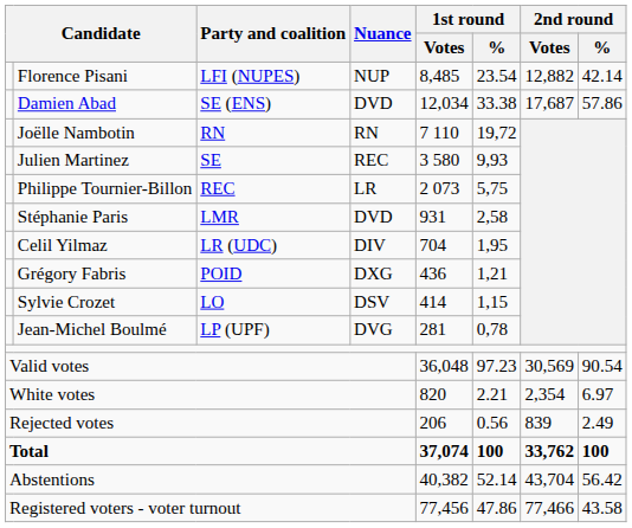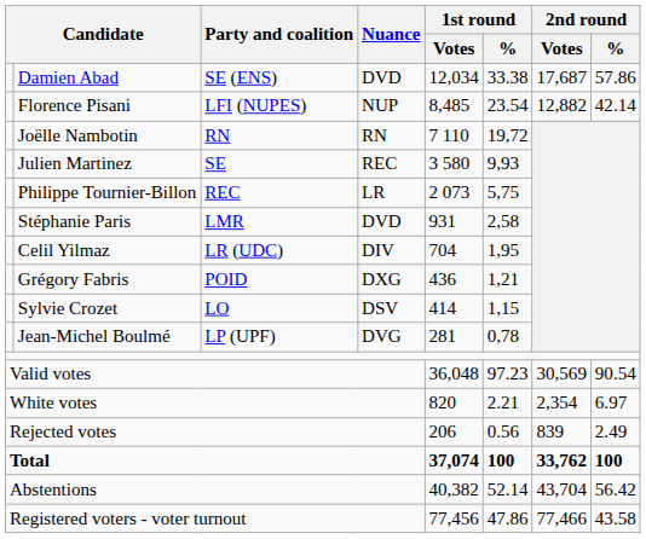 <table class="wikitable">
 <tr>
 <th colspan="2" rowspan="2">Candidate</th>
 <th rowspan="2">Party and coalition</th>
 <th rowspan="2"><a href='#'>Nuance</a></th>
 <th colspan="2">1st round</th>
 <th colspan="2">2nd round</th>
 </tr>
 <tr>
 <th>Votes</th>
 <th>%</th>
 <th>Votes</th>
 <th>%</th>
 </tr>
 <tr>
 <td style="background:"></td>
+<td><a href='#'>Damien Abad</a></td>
+<td><a href='#'>SE</a> (<a href='#'>ENS</a>)</td>
+<td><abbr>DVD</abbr></td>
+<td>12,034</td>
+<td>33.38</td>
+<td>17,687</td>
+<td>57.86</td>
+</tr>
+<tr>
+<td style="background:"></td>
 <td>Florence Pisani</td>
 <td><a href='#'>LFI</a> (<a href='#'>NUPES</a>)</td>
 <td><abbr>NUP</abbr></td>
 <td>8,485</td>
 <td>23.54</td>
 <td>12,882</td>
 <td>42.14</td>
-</tr>
-<tr>
-<td style="background:"></td>
-<td><a href='#'>Damien Abad</a></td>
-<td><a href='#'>SE</a> (<a href='#'>ENS</a>)</td>
-<td><abbr>DVD</abbr></td>
-<td>12,034</td>
-<td>33.38</td>
-<td>17,687</td>
-<td>57.86</td>
 </tr>
 <tr>
 <td style="background:"></td>
 <td>Joëlle Nambotin</td>
 <td><a href='#'>RN</a></td>
 <td><abbr>RN</abbr></td>
 <td>7 110</td>
 <td>19,72</td>
 <th colspan="2" rowspan="8"></th>
 </tr>
 <tr>
 <td style="background:"></td>
 <td>Julien Martinez</td>
 <td><a href='#'>SE</a></td>
 <td><abbr>REC</abbr></td>
 <td>3 580</td>
 <td>9,93</td>
 </tr>
 <tr>
 <td style="background:"></td>
 <td>Philippe Tournier-Billon</td>
 <td><a href='#'>REC</a></td>
 <td><abbr>LR</abbr></td>
 <td>2 073</td>
 <td>5,75</td>
 </tr>
 <tr>
 <td style="background:"></td>
 <td>Stéphanie Paris</td>
 <td><a href='#'>LMR</a></td>
 <td><abbr>DVD</abbr></td>
 <td>931</td>
 <td>2,58</td>
 </tr>
 <tr>
 <td style="background:"></td>
 <td>Celil Yilmaz</td>
 <td><a href='#'>LR</a> (<a href='#'>UDC</a>)</td>
 <td><abbr>DIV</abbr></td>
 <td>704</td>
 <td>1,95</td>
 </tr>
 <tr>
 <td style="background:"></td>
 <td>Grégory Fabris</td>
 <td><a href='#'>POID</a></td>
 <td><abbr>DXG</abbr></td>
 <td>436</td>
 <td>1,21</td>
 </tr>
 <tr>
 <td style="background:"></td>
 <td>Sylvie Crozet</td>
 <td><a href='#'>LO</a></td>
 <td><abbr>DSV</abbr></td>
 <td>414</td>
 <td>1,15</td>
 </tr>
 <tr>
 <td style="background:"></td>
 <td>Jean-Michel Boulmé</td>
 <td><a href='#'>LP</a> (<abbr>UPF</abbr>)</td>
 <td><abbr>DVG</abbr></td>
 <td>281</td>
 <td>0,78</td>
 </tr>
 <tr>
 <td colspan="8"></td>
 </tr>
 <tr>
 <td colspan="4">Valid votes</td>
 <td>36,048</td>
 <td>97.23</td>
 <td>30,569</td>
 <td>90.54</td>
 </tr>
 <tr>
 <td colspan="4">White votes</td>
 <td>820</td>
 <td>2.21</td>
 <td>2,354</td>
 <td>6.97</td>
 </tr>
 <tr>
 <td colspan="4">Rejected votes</td>
 <td>206</td>
 <td>0.56</td>
 <td>839</td>
 <td>2.49</td>
 </tr>
 <tr>
 <td colspan="4"><strong>Total</strong></td>
 <td><strong>37,074</strong></td>
 <td><strong>100</strong></td>
 <td><strong>33,762</strong></td>
 <td><strong>100</strong></td>
 </tr>
 <tr>
 <td colspan="4">Abstentions</td>
 <td>40,382</td>
 <td>52.14</td>
 <td>43,704</td>
 <td>56.42</td>
 </tr>
 <tr>
 <td colspan="4">Registered voters - voter turnout</td>
 <td>77,456</td>
 <td>47.86</td>
 <td>77,466</td>
 <td>43.58</td>
 </tr>
 </table>
